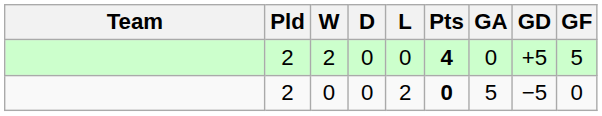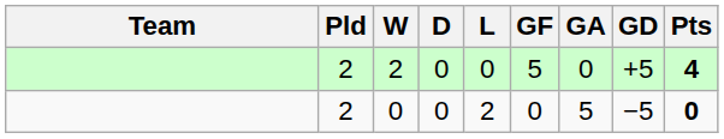 <table class="wikitable" style="text-align:center;">
 <tr>
 <th width=180>Team</th>
 <th width=20>Pld</th>
 <th width=20>W</th>
 <th width=20>D</th>
 <th width=20>L</th>
-<th width=20>Pts</th>
+<th width=20>GF</th>
 <th width=20>GA</th>
 <th width=20>GD</th>
-<th width=20>GF</th>
+<th width=20>Pts</th>
 </tr>
 <tr style="background:#cfc;">
 <td align="left"></td>
 <td>2</td>
 <td>2</td>
 <td>0</td>
 <td>0</td>
-<td><strong>4</strong></td>
+<td>5</td>
 <td>0</td>
 <td>+5</td>
-<td>5</td>
+<td><strong>4</strong></td>
 </tr>
 <tr>
 <td align="left"></td>
 <td>2</td>
 <td>0</td>
 <td>0</td>
 <td>2</td>
-<td><strong>0</strong></td>
+<td>0</td>
 <td>5</td>
 <td>−5</td>
-<td>0</td>
+<td><strong>0</strong></td>
 </tr>
 </table>
